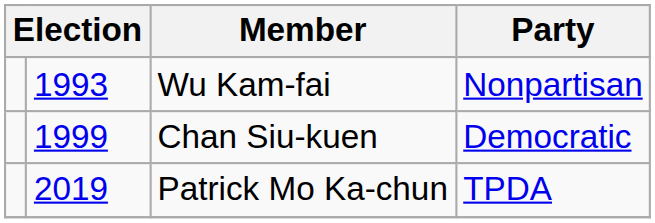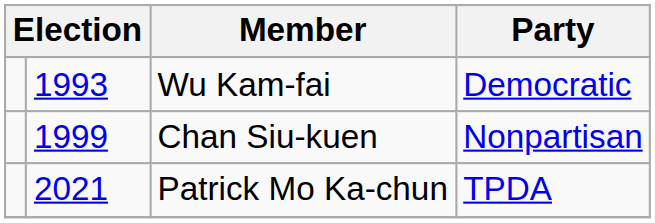 <table class="wikitable">
 <tr>
 <th colspan="2">Election</th>
 <th>Member</th>
 <th>Party</th>
 </tr>
 <tr>
 <td style="color:inherit;background:"></td>
 <td><a href='#'>1993</a></td>
 <td>Wu Kam-fai</td>
-<td><a href='#'>Nonpartisan</a></td>
+<td><a href='#'>Democratic</a></td>
 </tr>
 <tr>
 <td style="color:inherit;background:"></td>
 <td><a href='#'>1999</a></td>
 <td>Chan Siu-kuen</td>
-<td><a href='#'>Democratic</a></td>
+<td><a href='#'>Nonpartisan</a></td>
 </tr>
 <tr>
 <td style="color:inherit;background:"></td>
-<td><a href='#'>2019</a></td>
+<td><a href='#'>2021</a></td>
 <td>Patrick Mo Ka-chun</td>
 <td><a href='#'>TPDA</a></td>
 </tr>
 <tr>
 </tr>
 </table>
